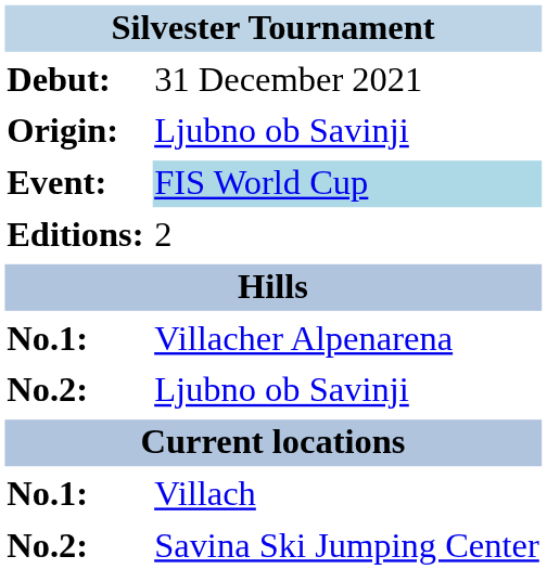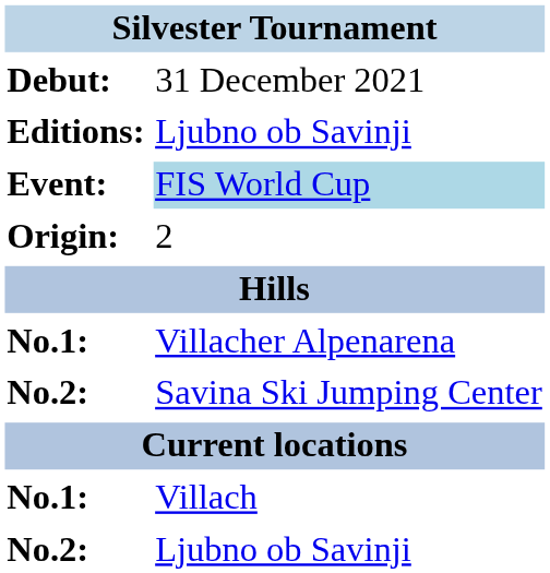 <table border=0 class="toccolours float-right" align="right" style="margin:0 0 0.5em 1em; font-size: 85%;">
 <tr>
 <th bgcolor=#BCD4E6 colspan=2 align="center">Silvester Tournament</th>
 </tr>
 <tr>
 <td><strong>Debut:</strong></td>
 <td>31 December 2021</td>
 </tr>
 <tr>
-<td><strong>Origin:</strong></td>
+<td><strong>Editions:</strong></td>
 <td><a href='#'>Ljubno ob Savinji</a></td>
 </tr>
 <tr>
 <td><strong>Event:</strong></td>
 <td style="background: lightblue;"><a href='#'>FIS World Cup</a></td>
 </tr>
 <tr>
-<td><strong>Editions:</strong></td>
+<td><strong>Origin:</strong></td>
 <td>2</td>
 </tr>
 <tr>
 <th bgcolor=#b0c4de colspan=2 align="center">Hills</th>
 </tr>
 <tr>
 <td><strong>No.1:</strong></td>
 <td><a href='#'>Villacher Alpenarena</a></td>
 </tr>
 <tr>
 <td><strong>No.2:</strong></td>
-<td> <a href='#'>Ljubno ob Savinji</a></td>
+<td><a href='#'>Savina Ski Jumping Center</a></td>
 </tr>
 <tr>
 <th bgcolor=#b0c4de colspan=2 align="center">Current locations</th>
 </tr>
 <tr>
 <td><strong>No.1:</strong></td>
 <td> <a href='#'>Villach</a></td>
 </tr>
 <tr>
 <td><strong>No.2:</strong></td>
-<td><a href='#'>Savina Ski Jumping Center</a></td>
+<td> <a href='#'>Ljubno ob Savinji</a></td>
 </tr>
 </table>
